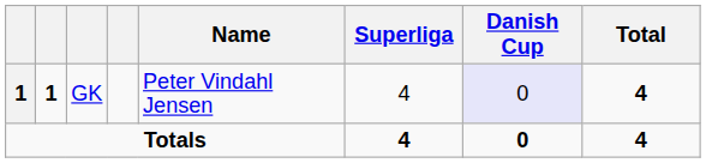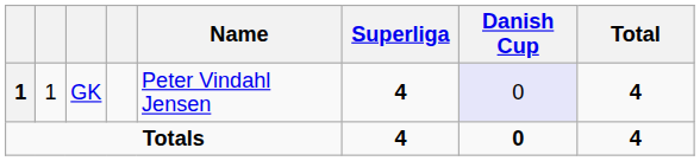 <table class="wikitable" style="text-align:center">
 <tr>
 <th width=15></th>
 <th width=15></th>
 <th width=15></th>
 <th width=15></th>
 <th width=145>Name</th>
 <th width=80><a href='#'>Superliga</a></th>
 <th width=80><a href='#'>Danish Cup</a></th>
 <th width=80>Total</th>
 </tr>
 <tr>
 <th rowspan=1>1</th>
-<td><strong>1</strong></td>
+<td>1</td>
 <td><a href='#'>GK</a></td>
 <td></td>
 <td align=left><a href='#'>Peter Vindahl Jensen</a></td>
-<td>4</td>
+<td><strong>4</strong></td>
 <td style="background: lavender;">0</td>
 <td><strong>4</strong></td>
 </tr>
 <tr>
 <td colspan=5><strong>Totals</strong></td>
 <td><strong>4</strong></td>
 <td><strong>0</strong></td>
 <td><strong>4</strong></td>
 </tr>
 </table>
